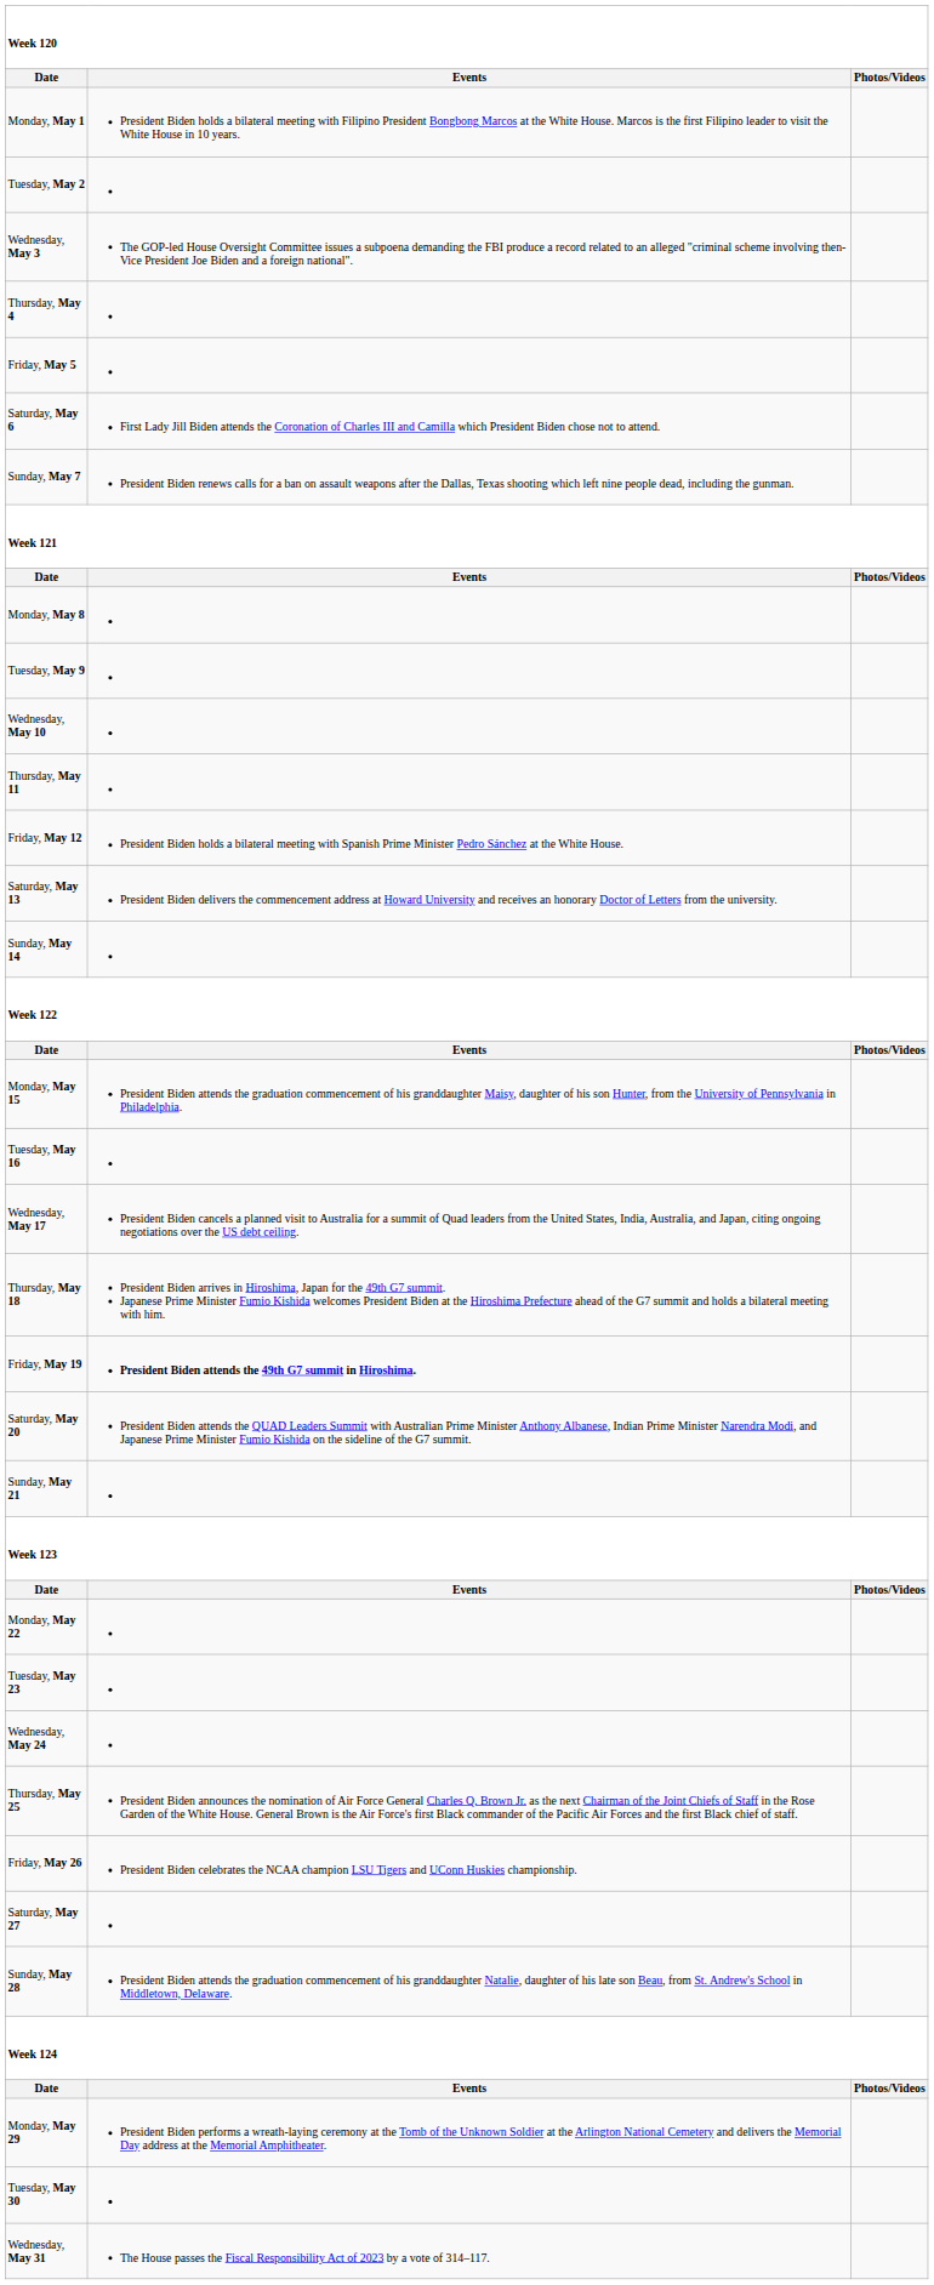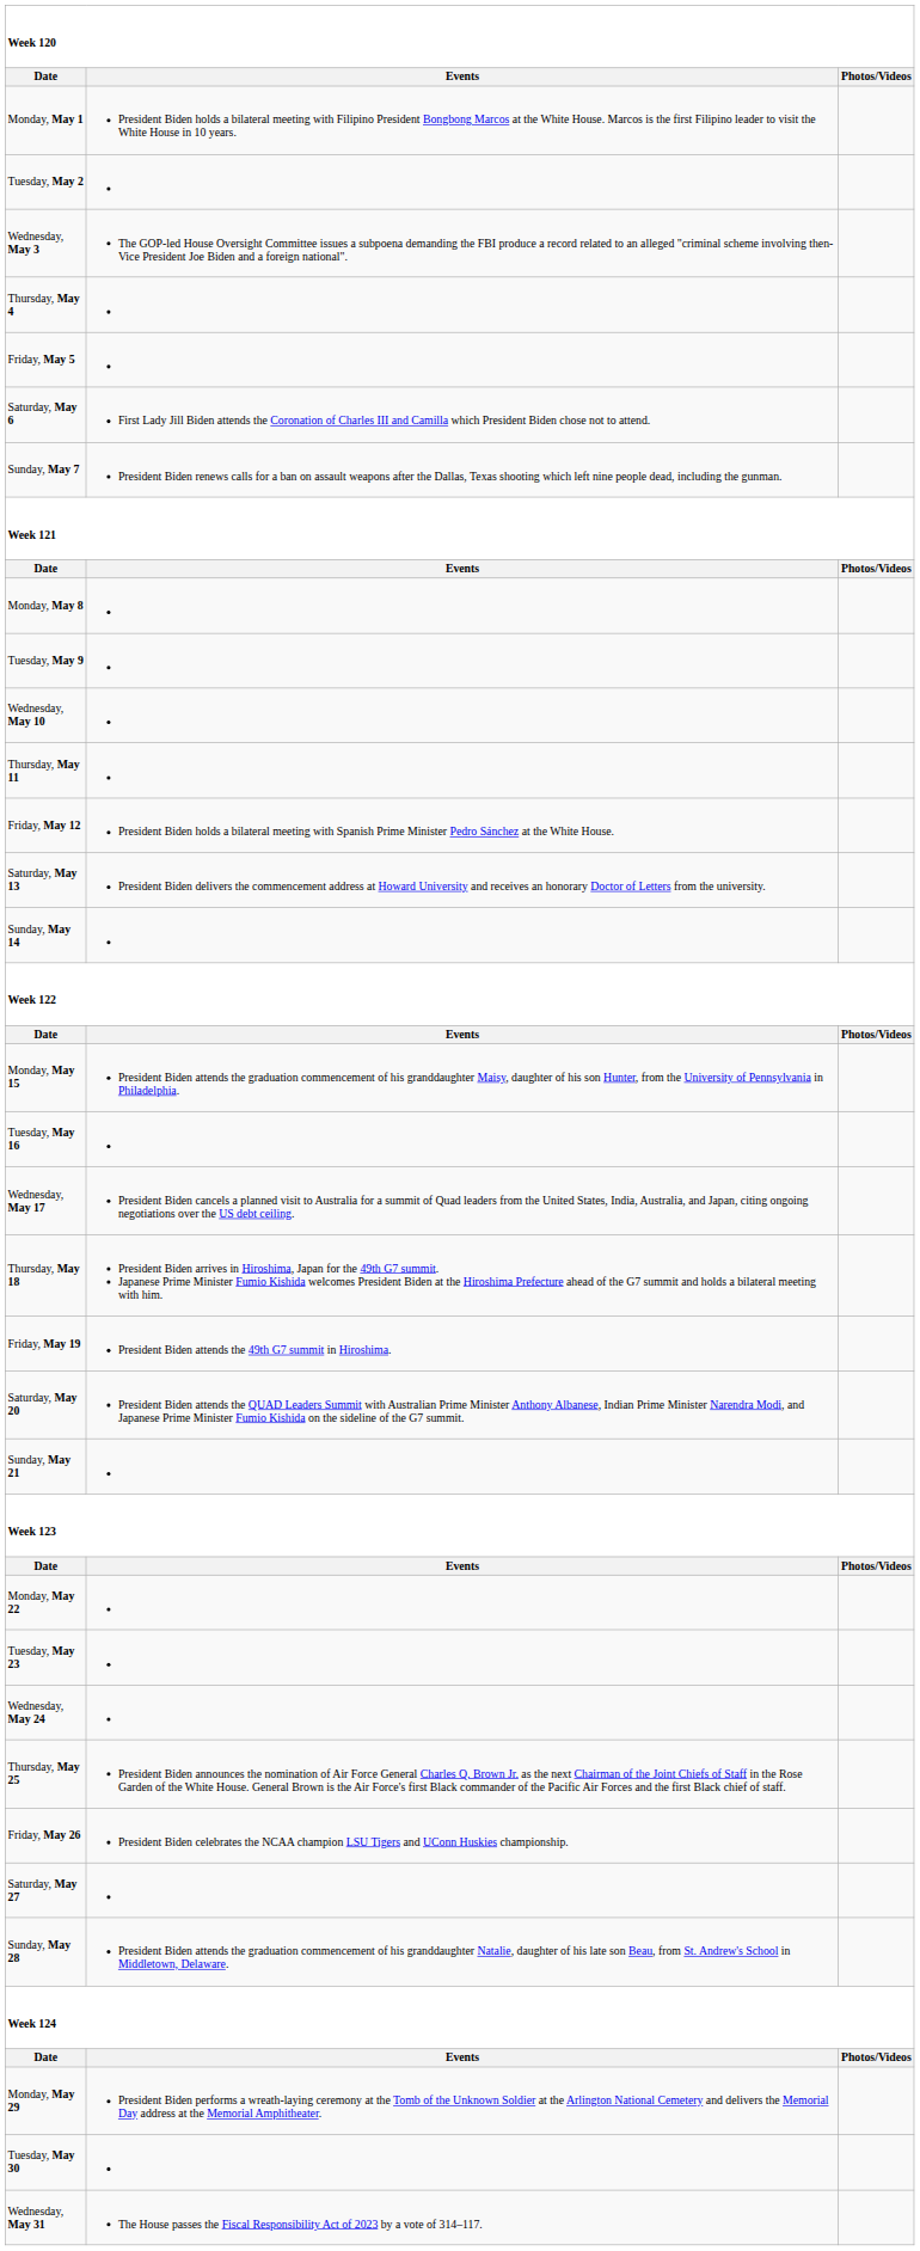 <table class="wikitable">
 <tr style="background:white;">
 <td colspan="3"><br><h4>Week 120</h4></td>
 </tr>
 <tr>
 <th>Date</th>
 <th>Events</th>
 <th>Photos/Videos</th>
 </tr>
 <tr>
 <td>Monday, <strong>May 1</strong></td>
 <td><br><ul><li>President Biden holds a bilateral meeting with Filipino President <a href='#'>Bongbong Marcos</a> at the White House. Marcos is the first Filipino leader to visit the White House in 10 years.</li></ul></td>
 <td></td>
 </tr>
 <tr>
 <td>Tuesday, <strong>May 2</strong></td>
 <td><br><ul><li></li></ul></td>
 <td></td>
 </tr>
 <tr>
 <td>Wednesday, <strong>May 3</strong></td>
 <td><br><ul><li>The GOP-led House Oversight Committee issues a subpoena demanding the FBI produce a record related to an alleged "criminal scheme involving then-Vice President Joe Biden and a foreign national".</li></ul></td>
 <td></td>
 </tr>
 <tr>
 <td>Thursday, <strong>May 4</strong></td>
 <td><br><ul><li></li></ul></td>
 <td></td>
 </tr>
 <tr>
 <td>Friday, <strong>May 5</strong></td>
 <td><br><ul><li></li></ul></td>
 <td></td>
 </tr>
 <tr>
 <td>Saturday, <strong>May 6</strong></td>
 <td><br><ul><li>First Lady Jill Biden attends the <a href='#'>Coronation of Charles III and Camilla</a> which President Biden chose not to attend.</li></ul></td>
 <td></td>
 </tr>
 <tr>
 <td>Sunday, <strong>May 7</strong></td>
 <td><br><ul><li>President Biden renews calls for a ban on assault weapons after the Dallas, Texas shooting which left nine people dead, including the gunman.</li></ul></td>
 <td></td>
 </tr>
 <tr style="background:white;">
 <td colspan="3"><br><h4>Week 121</h4></td>
 </tr>
 <tr>
 <th>Date</th>
 <th>Events</th>
 <th>Photos/Videos</th>
 </tr>
 <tr>
 <td>Monday, <strong>May 8</strong></td>
 <td><br><ul><li></li></ul></td>
 <td></td>
 </tr>
 <tr>
 <td>Tuesday, <strong>May 9</strong></td>
 <td><br><ul><li></li></ul></td>
 <td></td>
 </tr>
 <tr>
 <td>Wednesday, <strong>May 10</strong></td>
 <td><br><ul><li></li></ul></td>
 <td></td>
 </tr>
 <tr>
 <td>Thursday, <strong>May 11</strong></td>
 <td><br><ul><li></li></ul></td>
 <td></td>
 </tr>
 <tr>
 <td>Friday, <strong>May 12</strong></td>
 <td><br><ul><li>President Biden holds a bilateral meeting with Spanish Prime Minister <a href='#'>Pedro Sánchez</a> at the White House.</li></ul></td>
 <td></td>
 </tr>
 <tr>
 <td>Saturday, <strong>May 13</strong></td>
 <td><br><ul><li>President Biden delivers the commencement address at <a href='#'>Howard University</a> and receives an honorary <a href='#'>Doctor of Letters</a> from the university.</li></ul></td>
 <td></td>
 </tr>
 <tr>
 <td>Sunday, <strong>May 14</strong></td>
 <td><br><ul><li></li></ul></td>
 <td></td>
 </tr>
 <tr style="background:white;">
 <td colspan="3"><br><h4>Week 122</h4></td>
 </tr>
 <tr>
 <th>Date</th>
 <th>Events</th>
 <th>Photos/Videos</th>
 </tr>
 <tr>
 <td>Monday, <strong>May 15</strong></td>
 <td><br><ul><li>President Biden attends the graduation commencement of his granddaughter <a href='#'>Maisy</a>, daughter of his son <a href='#'>Hunter</a>, from the <a href='#'>University of Pennsylvania</a> in <a href='#'>Philadelphia</a>.</li></ul></td>
 <td></td>
 </tr>
 <tr>
 <td>Tuesday, <strong>May 16</strong></td>
 <td><br><ul><li></li></ul></td>
 <td></td>
 </tr>
 <tr>
 <td>Wednesday, <strong>May 17</strong></td>
 <td><br><ul><li>President Biden cancels a planned visit to Australia for a summit of Quad leaders from the United States, India, Australia, and Japan, citing ongoing negotiations over the <a href='#'>US debt ceiling</a>.</li></ul></td>
 <td></td>
 </tr>
 <tr>
 <td>Thursday, <strong>May 18</strong></td>
 <td><br><ul><li>President Biden arrives in <a href='#'>Hiroshima</a>, Japan for the <a href='#'>49th G7 summit</a>.</li><li>Japanese Prime Minister <a href='#'>Fumio Kishida</a> welcomes President Biden at the <a href='#'>Hiroshima Prefecture</a> ahead of the G7 summit and holds a bilateral meeting with him.</li></ul></td>
 <td></td>
 </tr>
 <tr>
 <td>Friday, <strong>May 19</strong></td>
-<td><strong><br><ul><li>President Biden attends the <a href='#'>49th G7 summit</a> in <a href='#'>Hiroshima</a>.</li></ul></strong></td>
+<td><br><ul><li>President Biden attends the <a href='#'>49th G7 summit</a> in <a href='#'>Hiroshima</a>.</li></ul></td>
 <td></td>
 </tr>
 <tr>
 <td>Saturday, <strong>May 20</strong></td>
 <td><br><ul><li>President Biden attends the <a href='#'>QUAD Leaders Summit</a> with Australian Prime Minister <a href='#'>Anthony Albanese</a>, Indian Prime Minister <a href='#'>Narendra Modi</a>, and Japanese Prime Minister <a href='#'>Fumio Kishida</a> on the sideline of the G7 summit.</li></ul></td>
 <td></td>
 </tr>
 <tr>
 <td>Sunday, <strong>May 21</strong></td>
 <td><br><ul><li></li></ul></td>
 <td></td>
 </tr>
 <tr style="background:white;">
 <td colspan="3"><br><h4>Week 123</h4></td>
 </tr>
 <tr>
 <th>Date</th>
 <th>Events</th>
 <th>Photos/Videos</th>
 </tr>
 <tr>
 <td>Monday, <strong>May 22</strong></td>
 <td><br><ul><li></li></ul></td>
 <td></td>
 </tr>
 <tr>
 <td>Tuesday, <strong>May 23</strong></td>
 <td><br><ul><li></li></ul></td>
 <td></td>
 </tr>
 <tr>
 <td>Wednesday, <strong>May 24</strong></td>
 <td><br><ul><li></li></ul></td>
 <td></td>
 </tr>
 <tr>
 <td>Thursday, <strong>May 25</strong></td>
 <td><br><ul><li>President Biden announces the nomination of Air Force General <a href='#'>Charles Q. Brown Jr.</a> as the next <a href='#'>Chairman of the Joint Chiefs of Staff</a> in the Rose Garden of the White House. General Brown is the Air Force's first Black commander of the Pacific Air Forces and the first Black chief of staff.</li></ul></td>
 <td></td>
 </tr>
 <tr>
 <td>Friday, <strong>May 26</strong></td>
 <td><br><ul><li>President Biden celebrates the NCAA champion <a href='#'>LSU Tigers</a> and <a href='#'>UConn Huskies</a> championship.</li></ul></td>
 <td><br></td>
 </tr>
 <tr>
 <td>Saturday, <strong>May 27</strong></td>
 <td><br><ul><li></li></ul></td>
 <td></td>
 </tr>
 <tr>
 <td>Sunday, <strong>May 28</strong></td>
 <td><br><ul><li>President Biden attends the graduation commencement of his granddaughter <a href='#'>Natalie</a>, daughter of his late son <a href='#'>Beau</a>, from <a href='#'>St. Andrew's School</a> in <a href='#'>Middletown, Delaware</a>.</li></ul></td>
 <td></td>
 </tr>
 <tr style="background:white;">
 <td colspan="3"><br><h4>Week 124</h4></td>
 </tr>
 <tr>
 <th>Date</th>
 <th>Events</th>
 <th>Photos/Videos</th>
 </tr>
 <tr>
 <td>Monday, <strong>May 29</strong></td>
 <td><br><ul><li>President Biden performs a wreath-laying ceremony at the <a href='#'>Tomb of the Unknown Soldier</a> at the <a href='#'>Arlington National Cemetery</a> and delivers the <a href='#'>Memorial Day</a> address at the <a href='#'>Memorial Amphitheater</a>.</li></ul></td>
 <td></td>
 </tr>
 <tr>
 <td>Tuesday, <strong>May 30</strong></td>
 <td><br><ul><li></li></ul></td>
 <td></td>
 </tr>
 <tr>
 <td>Wednesday, <strong>May 31</strong></td>
 <td><br><ul><li>The House passes the <a href='#'>Fiscal Responsibility Act of 2023</a> by a vote of 314–117.</li></ul></td>
 <td></td>
 </tr>
 </table>
